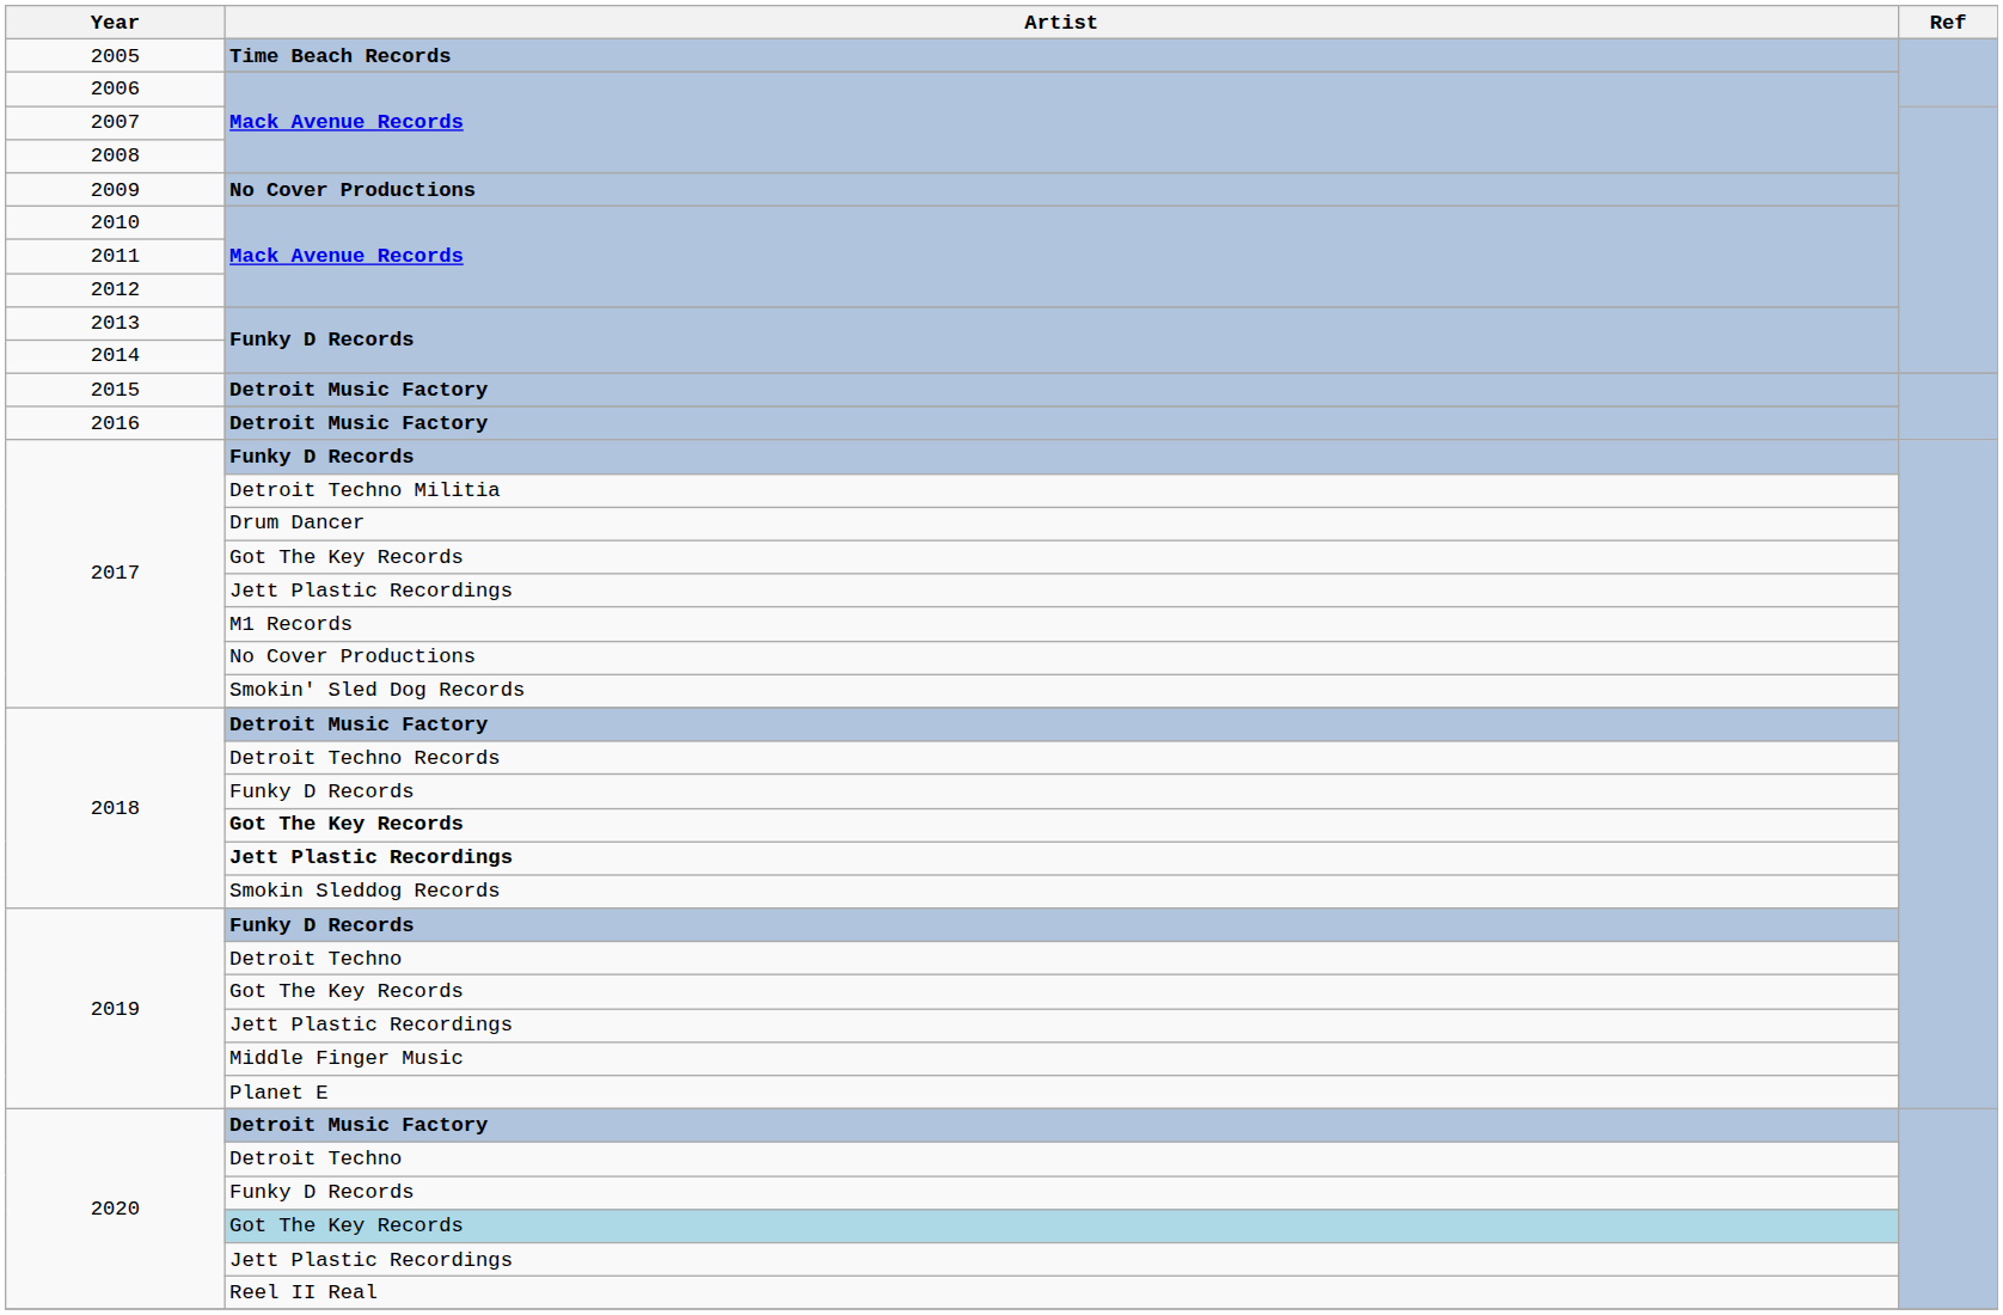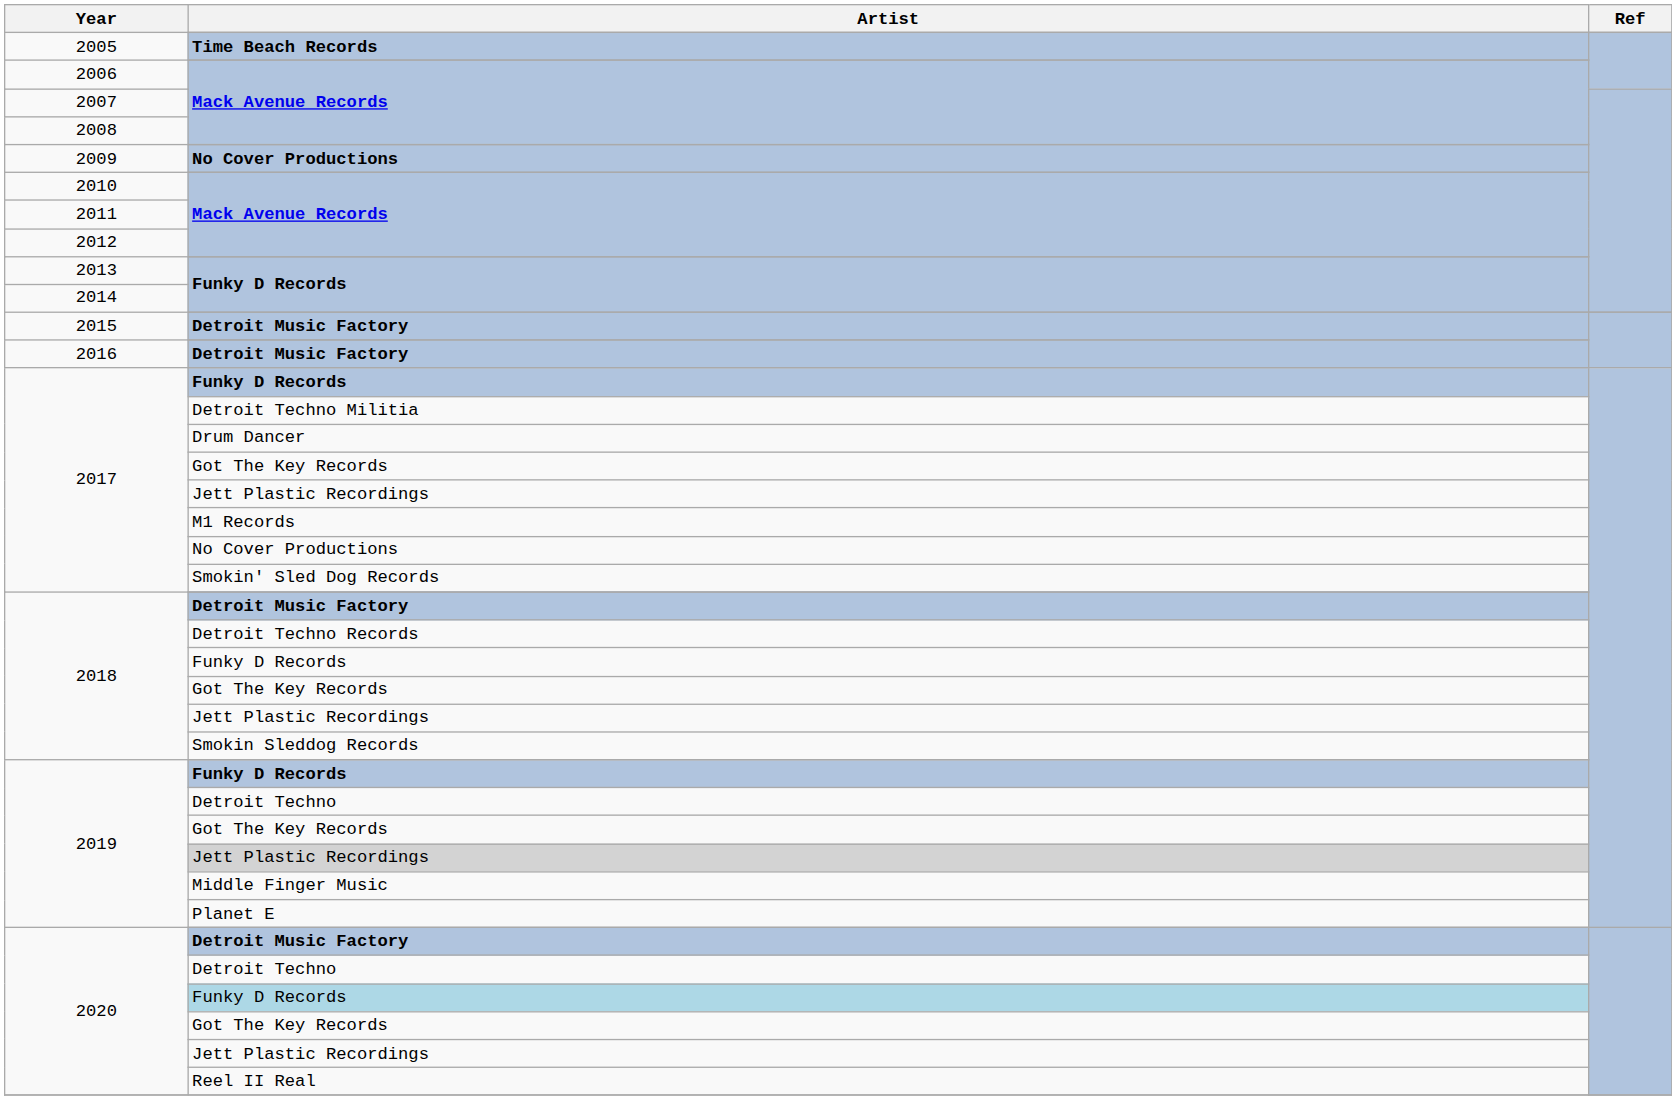 <table class="wikitable" style="width:100%;">
 <tr>
 <th style="width:11%;">Year</th>
 <th style="width:84%;">Artist</th>
 <th style="width:5%;">Ref</th>
 </tr>
 <tr>
 <td rowspan="2" align="center">2005</td>
 </tr>
 <tr style="background:#B0C4DE">
 <td><strong>Time Beach Records</strong></td>
 <td rowspan="4"></td>
 </tr>
 <tr>
 <td rowspan="2" align="center">2006</td>
 </tr>
 <tr style="background:#B0C4DE">
 <td rowspan="4"><strong><a href='#'>Mack Avenue Records</a></strong></td>
 </tr>
 <tr>
 <td rowspan="2" align="center">2007</td>
 </tr>
 <tr style="background:#B0C4DE">
 <td rowspan="11" align="center"></td>
 </tr>
 <tr>
 <td align="center">2008</td>
 </tr>
 <tr>
 <td rowspan="2" align="center">2009</td>
 </tr>
 <tr style="background:#B0C4DE">
 <td><strong>No Cover Productions</strong></td>
 </tr>
 <tr>
 <td rowspan="2" align="center">2010</td>
 </tr>
 <tr style="background:#B0C4DE">
 <td rowspan="3"><strong><a href='#'>Mack Avenue Records</a></strong></td>
 </tr>
 <tr>
 <td align="center">2011</td>
 </tr>
 <tr>
 <td align="center">2012</td>
 </tr>
 <tr>
 <td rowspan="2" align="center">2013</td>
 </tr>
 <tr style="background:#B0C4DE">
 <td rowspan="2"><strong>Funky D Records</strong></td>
 </tr>
 <tr>
 <td align="center">2014</td>
 </tr>
 <tr>
 <td rowspan="2" align="center">2015</td>
 </tr>
 <tr style="background:#B0C4DE">
 <td><strong>Detroit Music Factory</strong></td>
 <td rowspan="4" align="center"></td>
 </tr>
 <tr>
 <td rowspan="2" align="center">2016</td>
 </tr>
 <tr style="background:#B0C4DE">
 <td><strong>Detroit Music Factory</strong></td>
 </tr>
 <tr>
 <td rowspan="9" align="center">2017</td>
 </tr>
 <tr style="background:#B0C4DE">
 <td><strong>Funky D Records</strong></td>
 <td rowspan="23" align="center"></td>
 </tr>
 <tr>
 <td>Detroit Techno Militia</td>
 </tr>
 <tr>
 <td>Drum Dancer</td>
 </tr>
 <tr>
 <td>Got The Key Records</td>
 </tr>
 <tr>
 <td>Jett Plastic Recordings</td>
 </tr>
 <tr>
 <td>M1 Records</td>
 </tr>
 <tr>
 <td>No Cover Productions</td>
 </tr>
 <tr>
 <td>Smokin' Sled Dog Records</td>
 </tr>
 <tr>
 <td rowspan="7" align="center">2018</td>
 </tr>
 <tr style="background:#B0C4DE">
 <td><strong>Detroit Music Factory</strong></td>
 </tr>
 <tr>
 <td>Detroit Techno Records</td>
 </tr>
 <tr>
 <td>Funky D Records</td>
 </tr>
 <tr>
-<td><strong>Got The Key Records</strong></td>
+<td>Got The Key Records</td>
 </tr>
 <tr>
-<td><strong>Jett Plastic Recordings</strong></td>
+<td>Jett Plastic Recordings</td>
 </tr>
 <tr>
 <td>Smokin Sleddog Records</td>
 </tr>
 <tr>
 <td rowspan="7" align="center">2019</td>
 </tr>
 <tr style="background:#B0C4DE">
 <td><strong>Funky D Records</strong></td>
 </tr>
 <tr>
 <td>Detroit Techno</td>
 </tr>
 <tr>
 <td>Got The Key Records</td>
 </tr>
 <tr>
-<td>Jett Plastic Recordings</td>
+<td style="background: lightgrey;">Jett Plastic Recordings</td>
 </tr>
 <tr>
 <td>Middle Finger Music</td>
 </tr>
 <tr>
 <td>Planet E</td>
 </tr>
 <tr>
 <td rowspan="7" align="center">2020</td>
 </tr>
 <tr style="background:#B0C4DE">
 <td><strong>Detroit Music Factory</strong></td>
 <td rowspan="6" align="center"></td>
 </tr>
 <tr>
 <td>Detroit Techno</td>
 </tr>
 <tr>
-<td>Funky D Records</td>
+<td style="background: lightblue;">Funky D Records</td>
 </tr>
 <tr>
-<td style="background: lightblue;">Got The Key Records</td>
+<td>Got The Key Records</td>
 </tr>
 <tr>
 <td>Jett Plastic Recordings</td>
 </tr>
 <tr>
 <td>Reel II Real</td>
 </tr>
 <tr>
 </tr>
 </table>
